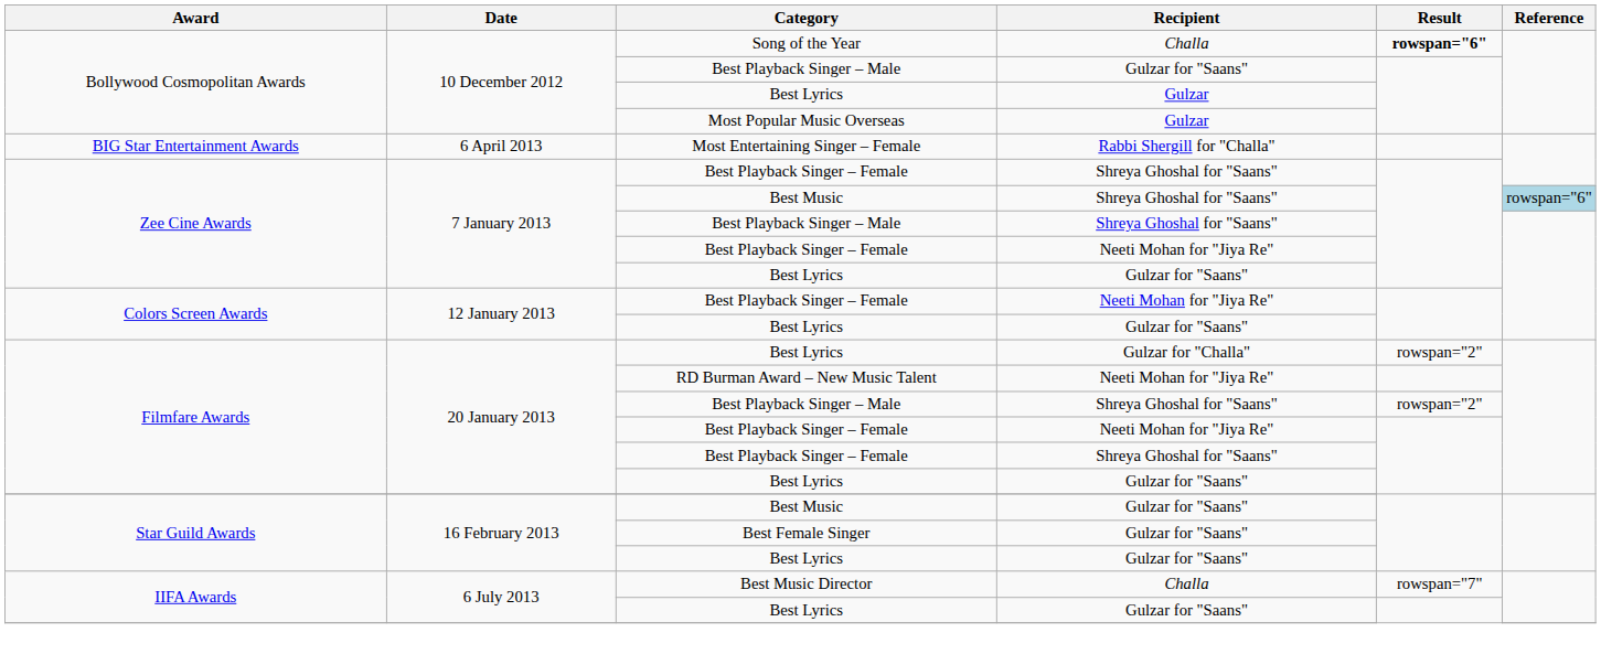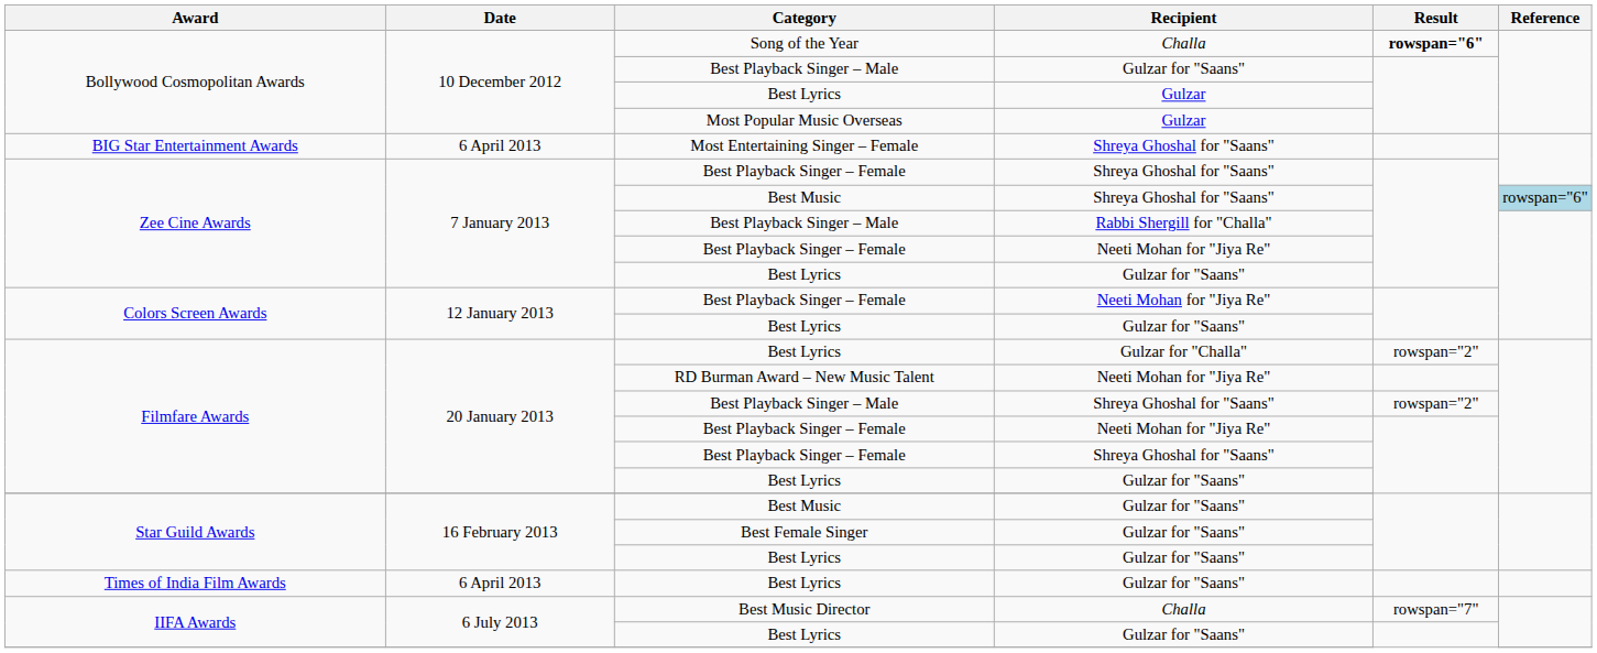 <table class="wikitable" style="text-align:center;">
 <tr>
 <th width="25%" scope="col">Award</th>
 <th width="15%" scope="col">Date</th>
 <th width="25%" scope="col">Category</th>
 <th width="25%" scope="col">Recipient</th>
 <th width="8%" scope="col">Result</th>
 <th width="2%" scope="col">Reference</th>
 </tr>
 <tr>
 <td rowspan="4">Bollywood Cosmopolitan Awards</td>
 <td rowspan="4">10 December 2012</td>
 <td>Song of the Year</td>
 <td><em>Challa</em></td>
 <td><strong>rowspan="6" </strong></td>
 <td rowspan="4"></td>
 </tr>
 <tr>
 <td>Best Playback Singer – Male</td>
 <td>Gulzar for "Saans"</td>
 </tr>
 <tr>
 <td>Best Lyrics</td>
 <td><a href='#'>Gulzar</a></td>
 </tr>
 <tr>
 <td>Most Popular Music Overseas</td>
 <td><a href='#'>Gulzar</a></td>
 </tr>
 <tr>
 <td><a href='#'>BIG Star Entertainment Awards</a></td>
 <td>6 April 2013</td>
 <td>Most Entertaining Singer – Female</td>
-<td><a href='#'>Rabbi Shergill</a> for "Challa"</td>
+<td><a href='#'>Shreya Ghoshal</a> for "Saans"</td>
 <td></td>
 </tr>
 <tr>
 <td rowspan="5"><a href='#'>Zee Cine Awards</a></td>
 <td rowspan="5">7 January 2013</td>
 <td>Best Playback Singer – Female</td>
 <td>Shreya Ghoshal for "Saans"</td>
 <td rowspan="5"></td>
 </tr>
 <tr>
 <td>Best Music</td>
 <td>Shreya Ghoshal for "Saans"</td>
 <td style="background: lightblue;">rowspan="6" </td>
 </tr>
 <tr>
 <td>Best Playback Singer – Male</td>
-<td><a href='#'>Shreya Ghoshal</a> for "Saans"</td>
+<td><a href='#'>Rabbi Shergill</a> for "Challa"</td>
 </tr>
 <tr>
 <td>Best Playback Singer – Female</td>
 <td>Neeti Mohan for "Jiya Re"</td>
 </tr>
 <tr>
 <td>Best Lyrics</td>
 <td>Gulzar for "Saans"</td>
 </tr>
 <tr>
 <td rowspan="2"><a href='#'>Colors Screen Awards</a></td>
 <td rowspan="2">12 January 2013</td>
 <td>Best Playback Singer – Female</td>
 <td><a href='#'>Neeti Mohan</a> for "Jiya Re"</td>
 <td rowspan="2"></td>
 </tr>
 <tr>
 <td>Best Lyrics</td>
 <td>Gulzar for "Saans"</td>
 </tr>
 <tr>
 <td rowspan="6"><a href='#'>Filmfare Awards</a></td>
 <td rowspan="6">20 January 2013</td>
 <td>Best Lyrics</td>
 <td>Gulzar for "Challa"</td>
 <td>rowspan="2" </td>
 <td rowspan="6"></td>
 </tr>
 <tr>
 <td>RD Burman Award – New Music Talent</td>
 <td>Neeti Mohan for "Jiya Re"</td>
 </tr>
 <tr>
 <td>Best Playback Singer – Male</td>
 <td>Shreya Ghoshal for "Saans"</td>
 <td>rowspan="2" </td>
 </tr>
 <tr>
 <td>Best Playback Singer – Female</td>
 <td>Neeti Mohan for "Jiya Re"</td>
 </tr>
 <tr>
 <td>Best Playback Singer – Female</td>
 <td>Shreya Ghoshal for "Saans"</td>
 </tr>
 <tr>
 <td>Best Lyrics</td>
 <td>Gulzar for "Saans"</td>
 </tr>
 <tr>
 </tr>
 <tr>
 <td rowspan="3"><a href='#'>Star Guild Awards</a></td>
 <td rowspan="3">16 February 2013</td>
 <td>Best Music</td>
 <td>Gulzar for "Saans"</td>
 <td rowspan="3"></td>
 </tr>
 <tr>
 <td>Best Female Singer</td>
 <td>Gulzar for "Saans"</td>
 </tr>
 <tr>
 <td>Best Lyrics</td>
 <td>Gulzar for "Saans"</td>
 </tr>
 <tr>
+<td><a href='#'>Times of India Film Awards</a></td>
+<td>6 April 2013</td>
+<td>Best Lyrics</td>
+<td>Gulzar for "Saans"</td>
+<td></td>
+<td></td>
+</tr>
+<tr>
 <td rowspan="2"><a href='#'>IIFA Awards</a></td>
 <td rowspan="2">6 July 2013</td>
 <td>Best Music Director</td>
 <td><em>Challa</em></td>
 <td>rowspan="7" </td>
 <td rowspan="2"></td>
 </tr>
 <tr>
 <td>Best Lyrics</td>
 <td>Gulzar for "Saans"</td>
 </tr>
 <tr>
 </tr>
 </table>
